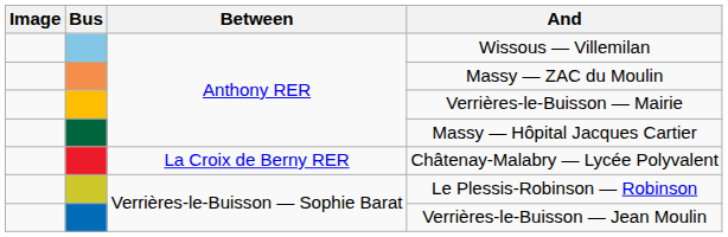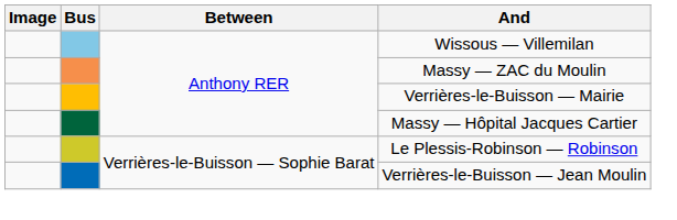 <table class="wikitable alternance centre" style="text-align:center;">
 <tr>
 <th>Image</th>
 <th>Bus</th>
 <th>Between</th>
 <th>And</th>
 </tr>
 <tr>
 <td></td>
 <td style="background:#82c8e6;"></td>
 <td rowspan="4"><a href='#'>Anthony RER</a></td>
 <td>Wissous — Villemilan</td>
 </tr>
 <tr>
 <td></td>
 <td style="background:#f68f4b;"></td>
 <td>Massy — ZAC du Moulin</td>
 </tr>
 <tr>
 <td></td>
 <td style="background:#ffbe02;"></td>
 <td>Verrières-le-Buisson — Mairie</td>
 </tr>
 <tr>
 <td></td>
 <td style="background:#00643c;"></td>
 <td>Massy — Hôpital Jacques Cartier</td>
 </tr>
 <tr>
 <td></td>
-<td style="background:#ed1b2a;"></td>
-<td><a href='#'>La Croix de Berny RER</a></td>
-<td>Châtenay-Malabry — Lycée Polyvalent</td>
-</tr>
-<tr>
-<td></td>
 <td style="background:#cec92a;"></td>
 <td rowspan="2">Verrières-le-Buisson — Sophie Barat</td>
 <td>Le Plessis-Robinson — <a href='#'>Robinson</a></td>
 </tr>
 <tr>
 <td></td>
 <td style="background:#006cb8;"></td>
 <td>Verrières-le-Buisson — Jean Moulin</td>
 </tr>
 </table>
